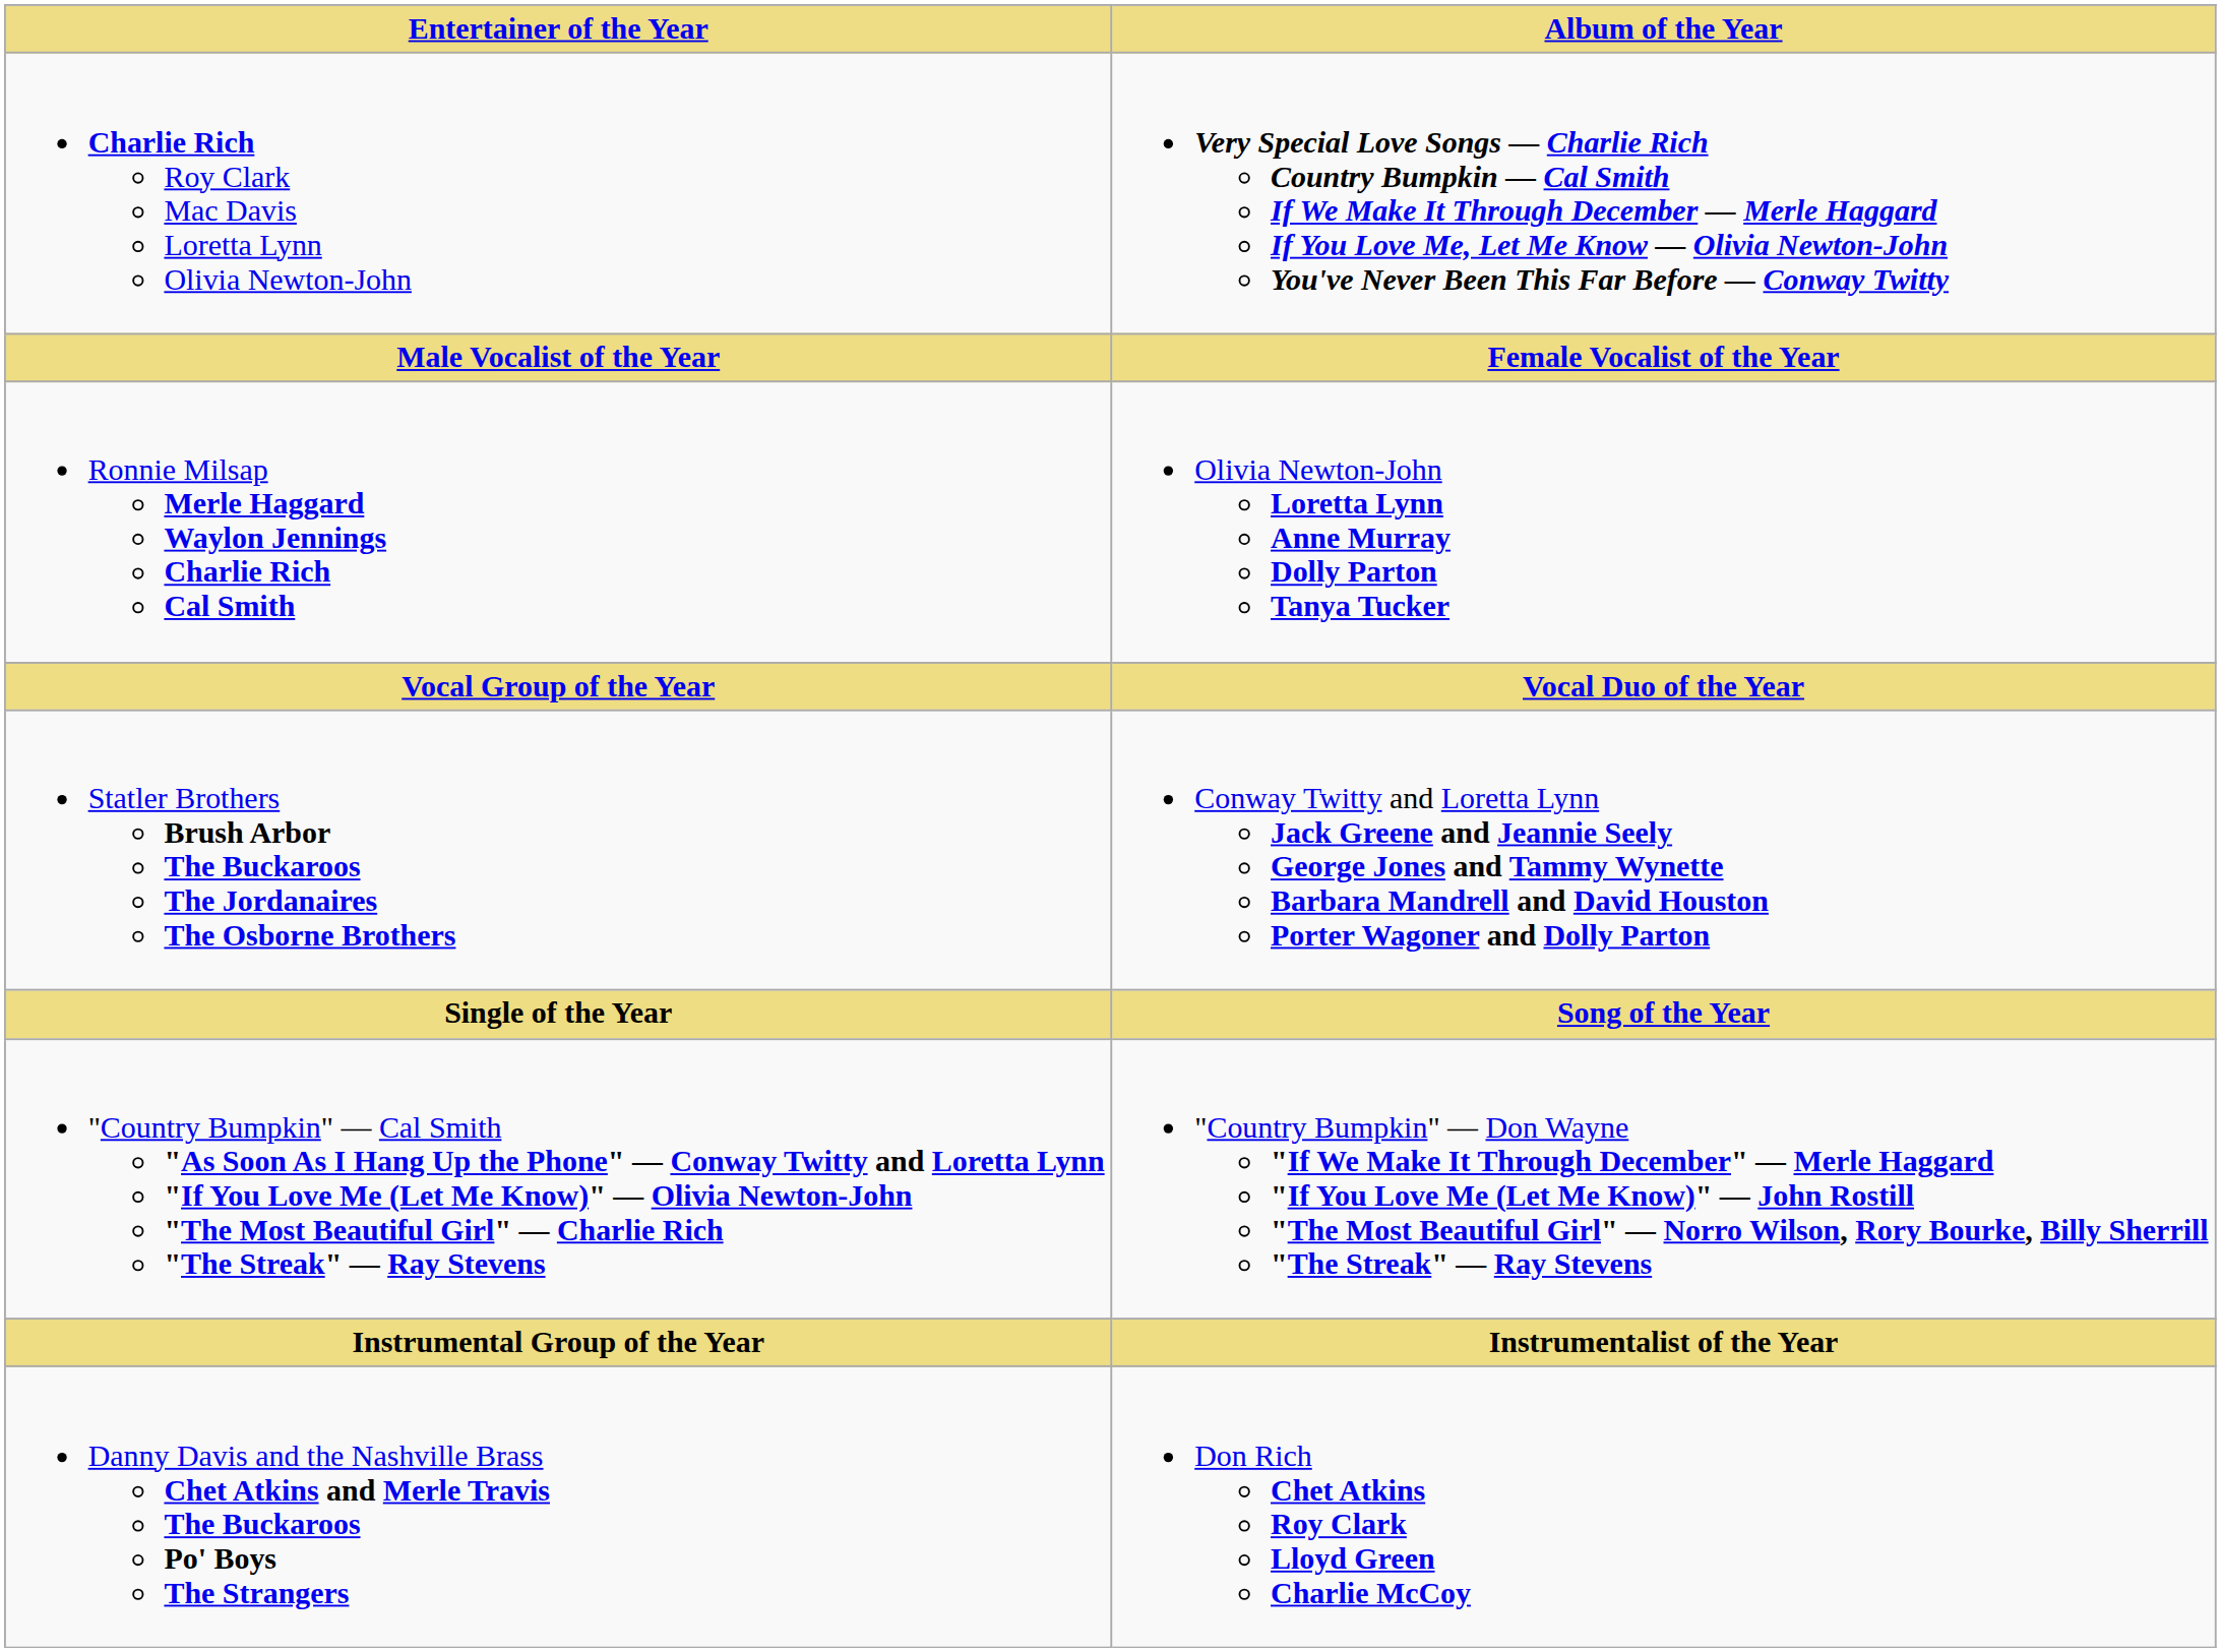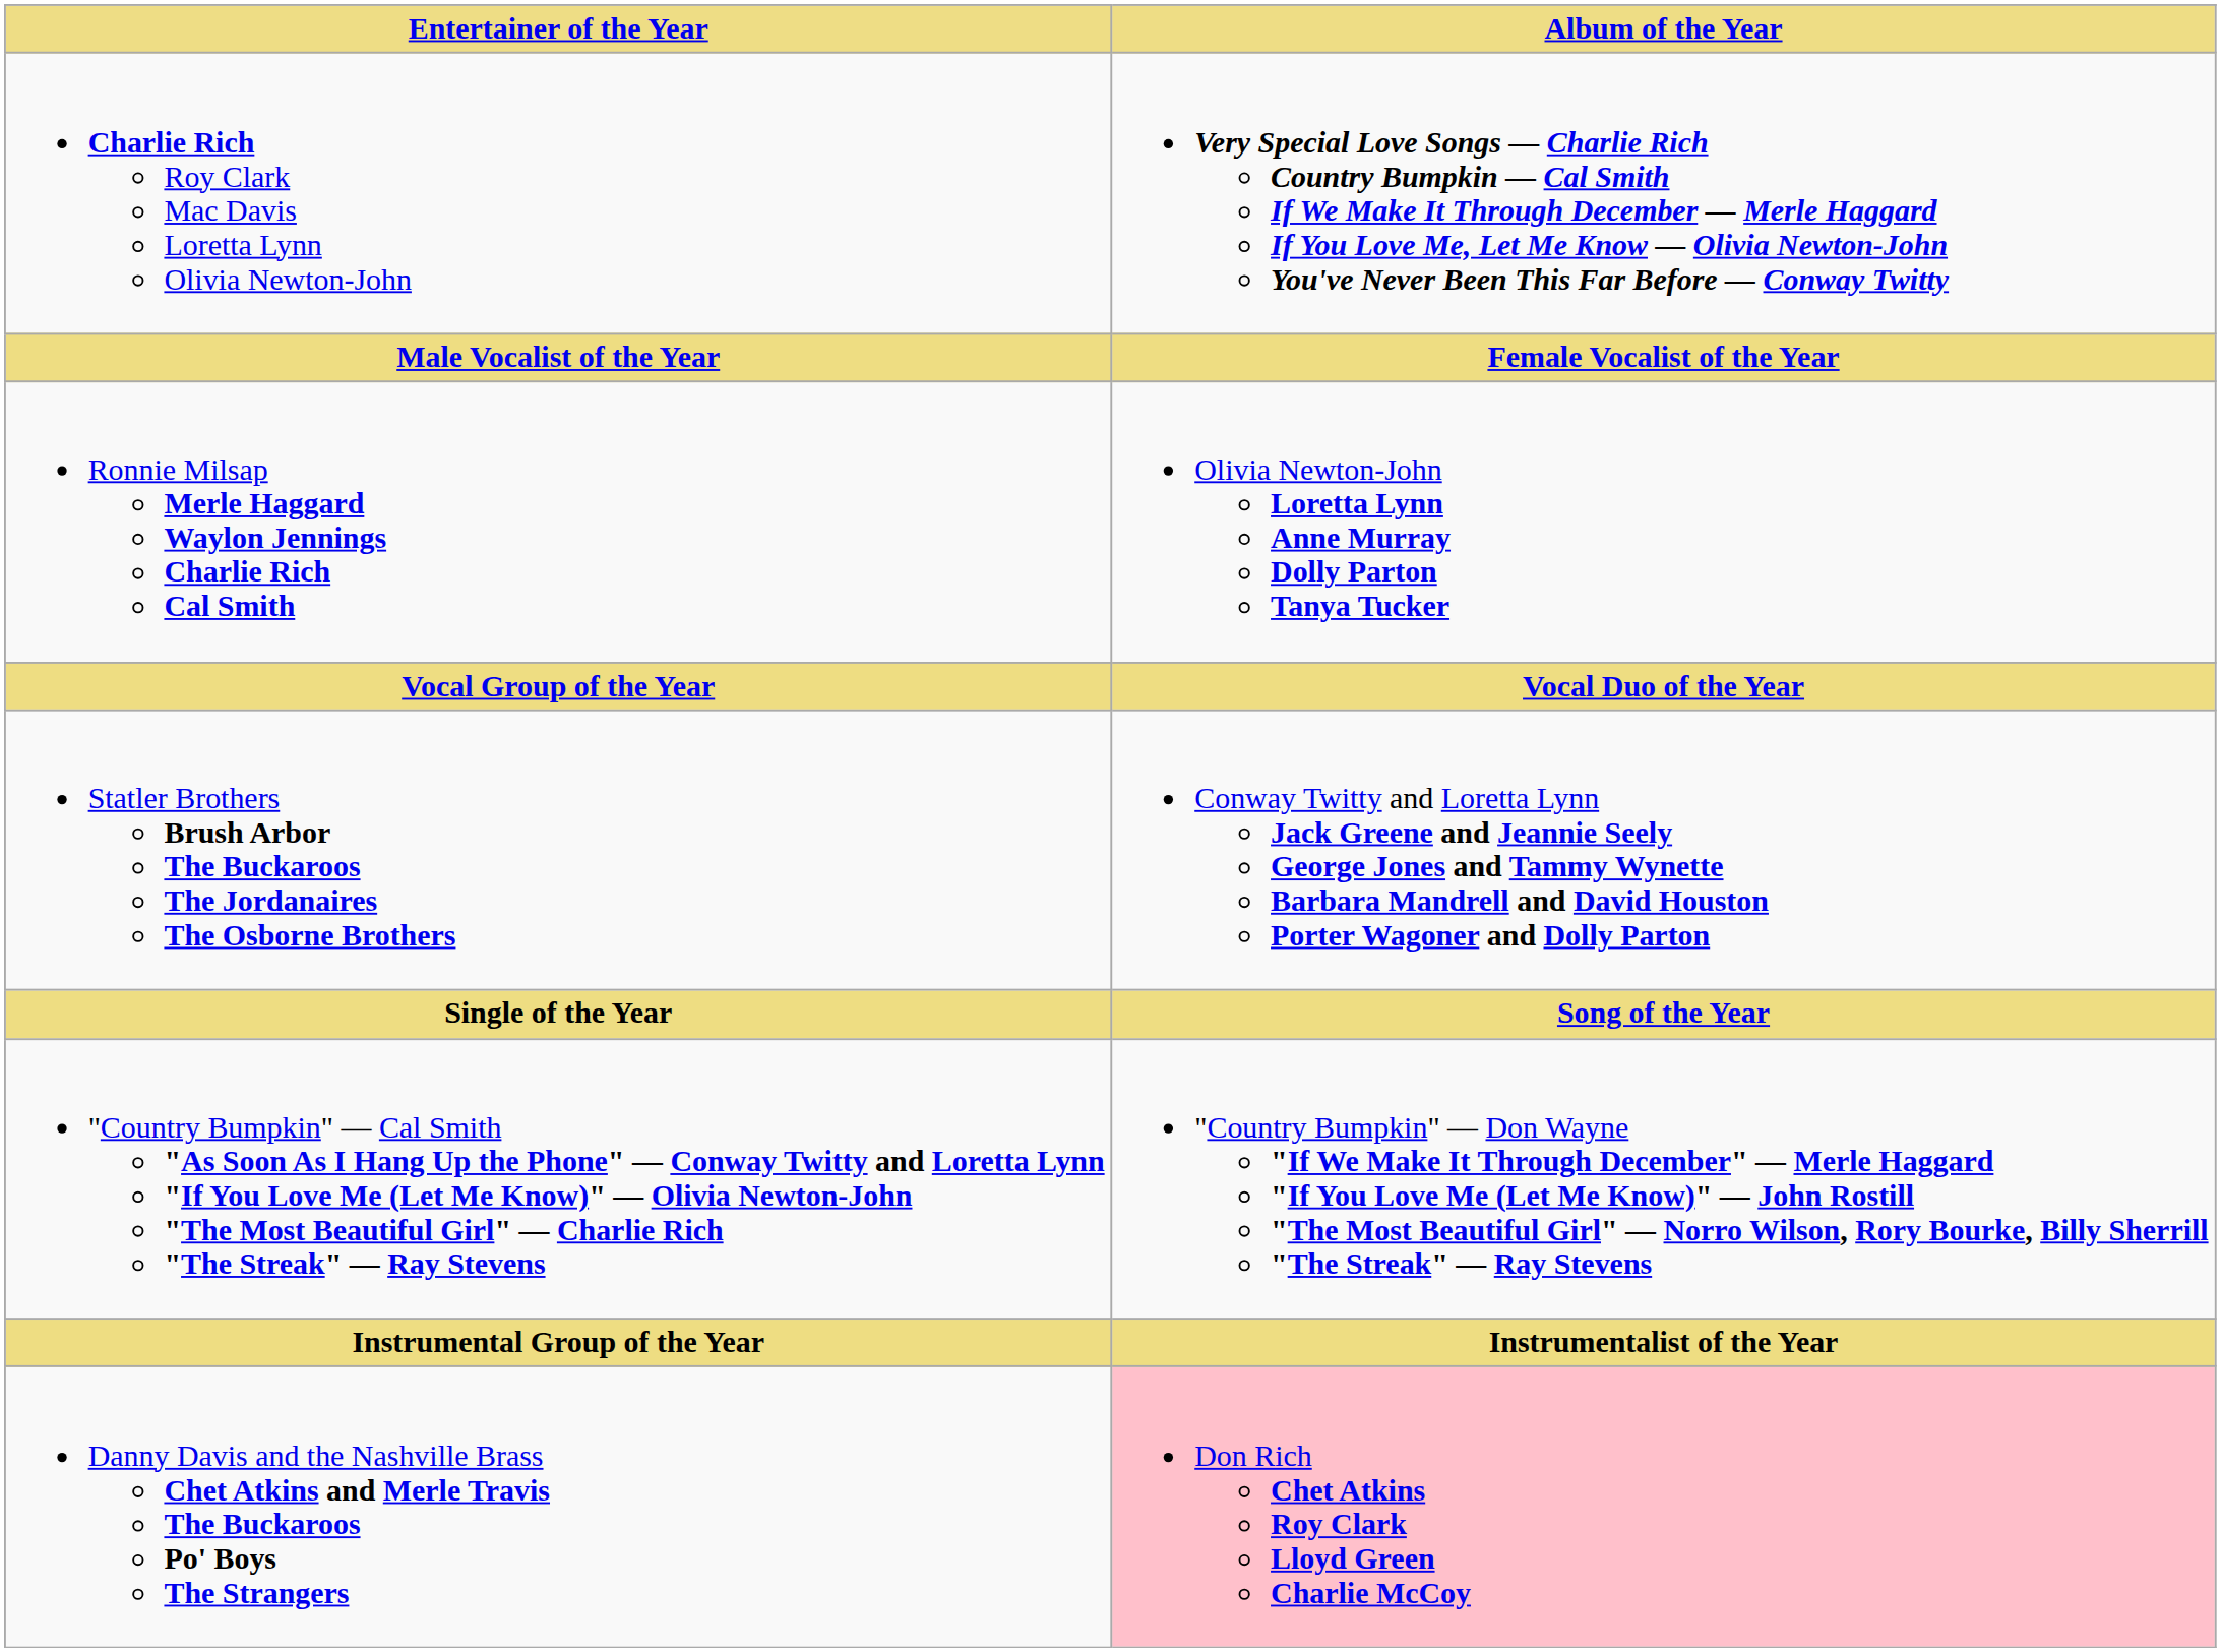 <table class="wikitable">
 <tr>
 <th style="background:#EEDD85; width=50%"><a href='#'>Entertainer of the Year</a></th>
 <th style="background:#EEDD85; width=50%"><a href='#'>Album of the Year</a></th>
 </tr>
 <tr>
 <td valign="top"><br><ul><li><strong><a href='#'>Charlie Rich</a></strong><ul><li><a href='#'>Roy Clark</a></li><li><a href='#'>Mac Davis</a></li><li><a href='#'>Loretta Lynn</a></li><li><a href='#'>Olivia Newton-John</a></li></ul></li></ul></td>
 <td valign="top"><br><ul><li><strong><em>Very Special Love Songs<em> — <a href='#'>Charlie Rich</a><strong><ul><li></em>Country Bumpkin<em> — <a href='#'>Cal Smith</a></li><li></em><a href='#'>If We Make It Through December</a><em> — <a href='#'>Merle Haggard</a>          </li><li></em><a href='#'>If You Love Me, Let Me Know</a><em> — <a href='#'>Olivia Newton-John</a></li><li></em>You've Never Been This Far Before<em> — <a href='#'>Conway Twitty</a></li></ul></li></ul></td>
 </tr>
 <tr>
 <th style="background:#EEDD82; width=50%"><a href='#'>Male Vocalist of the Year</a></th>
 <th style="background:#EEDD82; width=50%"><a href='#'>Female Vocalist of the Year</a></th>
 </tr>
 <tr>
 <td valign="top"><br><ul><li></strong><a href='#'>Ronnie Milsap</a><strong><ul><li><a href='#'>Merle Haggard</a></li><li><a href='#'>Waylon Jennings</a></li><li><a href='#'>Charlie Rich</a></li><li><a href='#'>Cal Smith</a></li></ul></li></ul></td>
 <td valign="top"><br><ul><li></strong><a href='#'>Olivia Newton-John</a><strong><ul><li><a href='#'>Loretta Lynn</a></li><li><a href='#'>Anne Murray</a></li><li><a href='#'>Dolly Parton</a></li><li><a href='#'>Tanya Tucker</a></li></ul></li></ul></td>
 </tr>
 <tr>
 <th style="background:#EEDD82; width=50%"><a href='#'>Vocal Group of the Year</a></th>
 <th style="background:#EEDD82; width=50%"><a href='#'>Vocal Duo of the Year</a></th>
 </tr>
 <tr>
 <td valign="top"><br><ul><li></strong><a href='#'>Statler Brothers</a><strong><ul><li>Brush Arbor</li><li><a href='#'>The Buckaroos</a></li><li><a href='#'>The Jordanaires</a></li><li><a href='#'>The Osborne Brothers</a></li></ul></li></ul></td>
 <td valign="top"><br><ul><li></strong><a href='#'>Conway Twitty</a> and <a href='#'>Loretta Lynn</a><strong><ul><li><a href='#'>Jack Greene</a> and <a href='#'>Jeannie Seely</a></li><li><a href='#'>George Jones</a> and <a href='#'>Tammy Wynette</a></li><li><a href='#'>Barbara Mandrell</a> and <a href='#'>David Houston</a></li><li><a href='#'>Porter Wagoner</a> and <a href='#'>Dolly Parton</a></li></ul></li></ul></td>
 </tr>
 <tr>
 <th style="background:#EEDD82; width=50%">Single of the Year</th>
 <th style="background:#EEDD82; width=50%"><a href='#'>Song of the Year</a></th>
 </tr>
 <tr>
 <td valign="top"><br><ul><li></strong>"<a href='#'>Country Bumpkin</a>" — <a href='#'>Cal Smith</a><strong><ul><li>"<a href='#'>As Soon As I Hang Up the Phone</a>" — <a href='#'>Conway Twitty</a> and <a href='#'>Loretta Lynn</a></li><li>"<a href='#'>If You Love Me (Let Me Know)</a>" — <a href='#'>Olivia Newton-John</a></li><li>"<a href='#'>The Most Beautiful Girl</a>" — <a href='#'>Charlie Rich</a></li><li>"<a href='#'>The Streak</a>" — <a href='#'>Ray Stevens</a></li></ul></li></ul></td>
 <td valign="top"><br><ul><li></strong>"<a href='#'>Country Bumpkin</a>" — <a href='#'>Don Wayne</a><strong><ul><li>"<a href='#'>If We Make It Through December</a>" — <a href='#'>Merle Haggard</a></li><li>"<a href='#'>If You Love Me (Let Me Know)</a>" — <a href='#'>John Rostill</a></li><li>"<a href='#'>The Most Beautiful Girl</a>" — <a href='#'>Norro Wilson</a>, <a href='#'>Rory Bourke</a>, <a href='#'>Billy Sherrill</a></li><li>"<a href='#'>The Streak</a>" — <a href='#'>Ray Stevens</a></li></ul></li></ul></td>
 </tr>
 <tr>
 <th style="background:#EEDD82; width=50%">Instrumental Group of the Year</th>
 <th style="background:#EEDD82; width=50%">Instrumentalist of the Year</th>
 </tr>
 <tr>
 <td valign="top"><br><ul><li></strong><a href='#'>Danny Davis and the Nashville Brass</a><strong><ul><li><a href='#'>Chet Atkins</a> and <a href='#'>Merle Travis</a></li><li><a href='#'>The Buckaroos</a></li><li>Po' Boys</li><li><a href='#'>The Strangers</a></li></ul></li></ul></td>
-<td valign="top"><br><ul><li></strong><a href='#'>Don Rich</a><strong><ul><li><a href='#'>Chet Atkins</a></li><li><a href='#'>Roy Clark</a></li><li><a href='#'>Lloyd Green</a></li><li><a href='#'>Charlie McCoy</a></li></ul></li></ul></td>
+<td valign="top" style="background: pink;"><br><ul><li></strong><a href='#'>Don Rich</a><strong><ul><li><a href='#'>Chet Atkins</a></li><li><a href='#'>Roy Clark</a></li><li><a href='#'>Lloyd Green</a></li><li><a href='#'>Charlie McCoy</a></li></ul></li></ul></td>
 </tr>
 </table>
